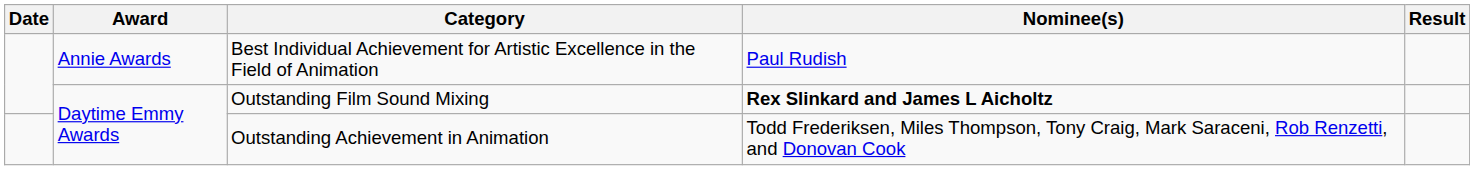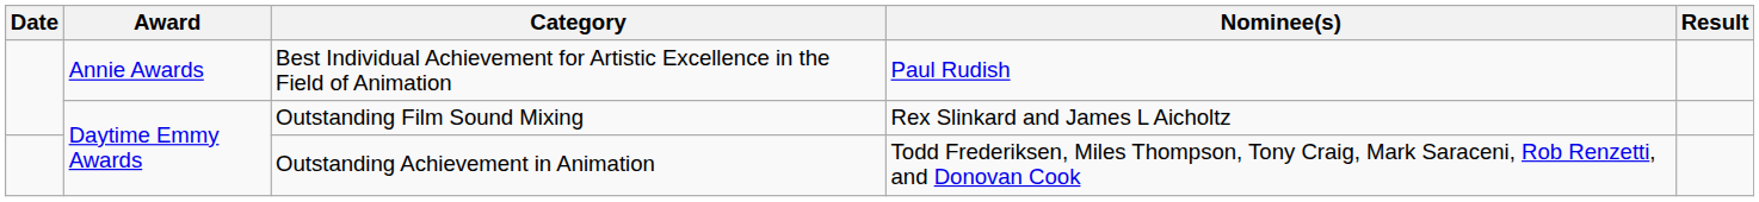 <table class="wikitable sortable" style="margin-right: 0;">
 <tr>
 <th>Date</th>
 <th>Award</th>
 <th>Category</th>
 <th>Nominee(s)</th>
 <th>Result</th>
 </tr>
 <tr>
 <td rowspan="2"></td>
 <td><a href='#'>Annie Awards</a></td>
 <td>Best Individual Achievement for Artistic Excellence in the Field of Animation</td>
 <td><a href='#'>Paul Rudish</a></td>
 <td></td>
 </tr>
 <tr>
 <td rowspan="2"><a href='#'>Daytime Emmy Awards</a></td>
 <td>Outstanding Film Sound Mixing</td>
-<td><strong>Rex Slinkard and James L Aicholtz</strong></td>
+<td>Rex Slinkard and James L Aicholtz</td>
 <td></td>
 </tr>
 <tr>
 <td></td>
 <td>Outstanding Achievement in Animation</td>
 <td>Todd Frederiksen, Miles Thompson, Tony Craig, Mark Saraceni, <a href='#'>Rob Renzetti</a>, and <a href='#'>Donovan Cook</a></td>
 <td></td>
 </tr>
 </table>
